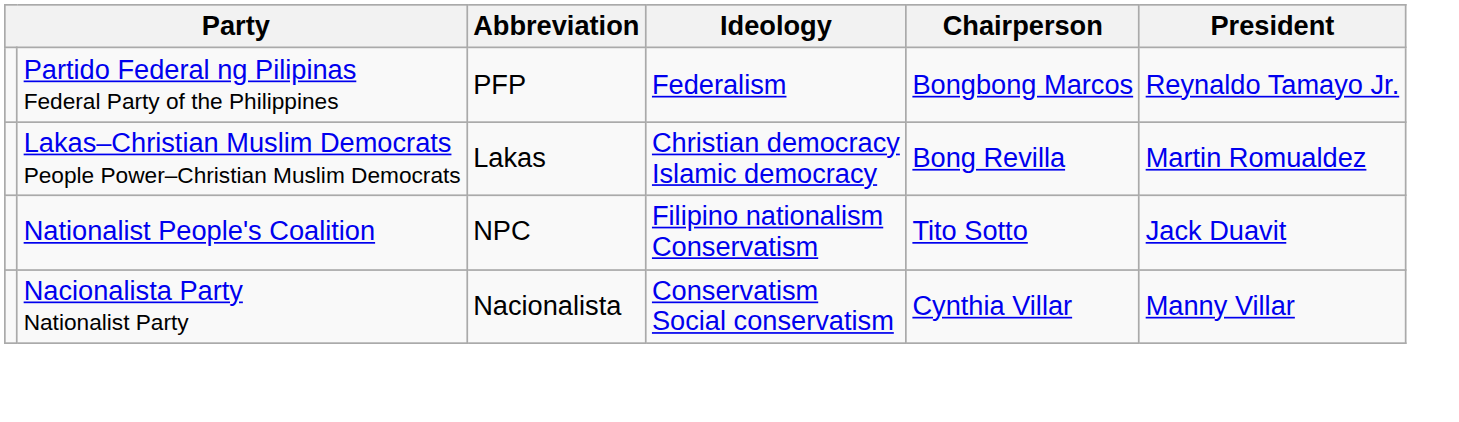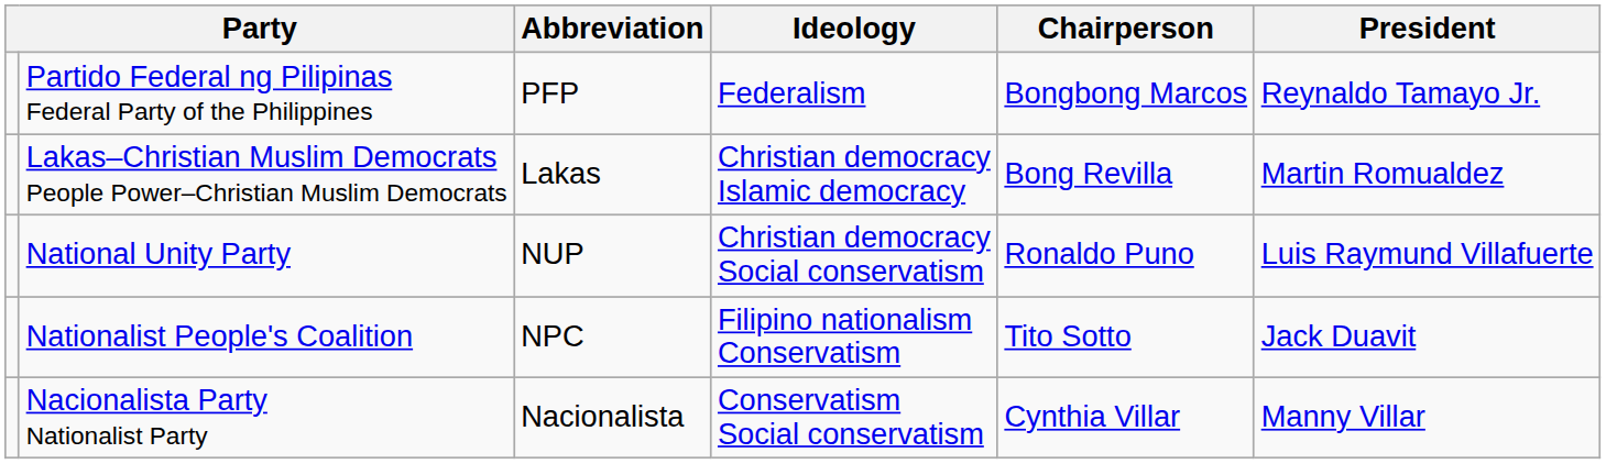 <table class="wikitable">
 <tr>
 <th colspan="2">Party</th>
 <th>Abbreviation</th>
 <th>Ideology</th>
 <th>Chairperson</th>
 <th>President</th>
 </tr>
 <tr>
 <td style="background:"></td>
 <td><a href='#'>Partido Federal ng Pilipinas</a><br><small>Federal Party of the Philippines</small></td>
 <td>PFP</td>
 <td><a href='#'>Federalism</a></td>
 <td><a href='#'>Bongbong Marcos</a></td>
 <td><a href='#'>Reynaldo Tamayo Jr.</a></td>
 </tr>
 <tr>
 <td style="background:"></td>
 <td><a href='#'>Lakas–Christian Muslim Democrats</a><br><small>People Power–Christian Muslim Democrats</small></td>
 <td>Lakas</td>
 <td><a href='#'>Christian democracy</a><br><a href='#'>Islamic democracy</a></td>
 <td><a href='#'>Bong Revilla</a></td>
 <td><a href='#'>Martin Romualdez</a></td>
 </tr>
 <tr>
 <td style="background:"></td>
+<td><a href='#'>National Unity Party</a></td>
+<td>NUP</td>
+<td><a href='#'>Christian democracy</a><br><a href='#'>Social conservatism</a></td>
+<td><a href='#'>Ronaldo Puno</a></td>
+<td><a href='#'>Luis Raymund Villafuerte</a></td>
+</tr>
+<tr>
+<td style="background:"></td>
 <td><a href='#'>Nationalist People's Coalition</a></td>
 <td>NPC</td>
 <td><a href='#'>Filipino nationalism</a><br><a href='#'>Conservatism</a></td>
 <td><a href='#'>Tito Sotto</a></td>
 <td><a href='#'>Jack Duavit</a></td>
 </tr>
 <tr>
 <td style="background:"></td>
 <td><a href='#'>Nacionalista Party</a><br><small>Nationalist Party</small></td>
 <td>Nacionalista</td>
 <td><a href='#'>Conservatism</a><br><a href='#'>Social conservatism</a></td>
 <td><a href='#'>Cynthia Villar</a></td>
 <td><a href='#'>Manny Villar</a></td>
 </tr>
 </table>
